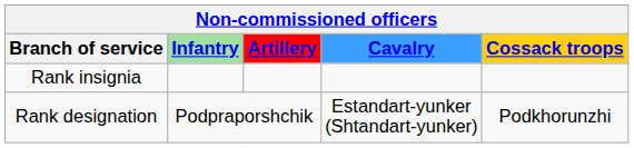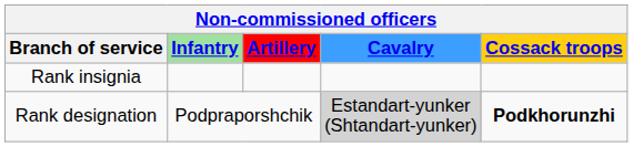 <table class="wikitable" style="text-align: center">
 <tr>
 <th colspan="5"><a href='#'>Non-commissioned officers</a></th>
 </tr>
 <tr>
 <th>Branch of service</th>
 <th style="background:#A0E0A0;"><a href='#'>Infantry</a></th>
 <th style="background:red; color:white"><a href='#'>Artillery</a></th>
 <th style="background:#3c9eff;"><a href='#'>Cavalry</a></th>
 <th style="background:#Ffcf0f;"><a href='#'>Cossack troops</a></th>
 </tr>
 <tr>
 <td>Rank insignia</td>
 <td></td>
 <td></td>
 <td></td>
 <td></td>
 </tr>
 <tr>
 <td>Rank designation</td>
 <td colspan="2">Podpraporshchik</td>
-<td>Estandart-yunker<br>(Shtandart-yunker)</td>
-<td>Podkhorunzhi</td>
+<td style="background: lightgrey;">Estandart-yunker<br>(Shtandart-yunker)</td>
+<td><strong>Podkhorunzhi</strong></td>
 </tr>
 </table>
